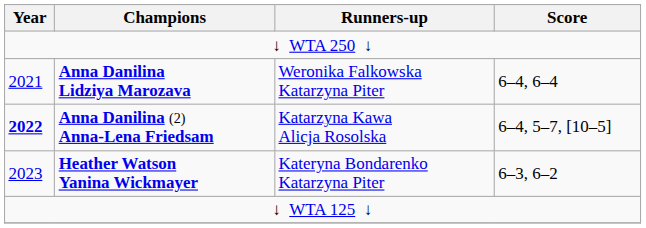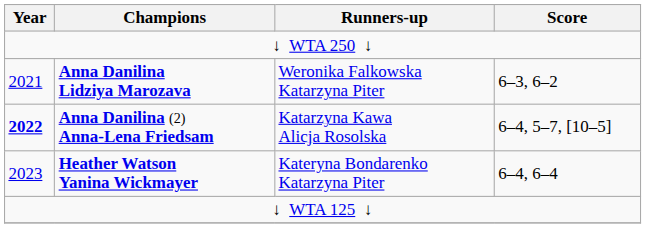 <table class="wikitable">
 <tr>
 <th style="width:40px">Year</th>
 <th style="width:200px">Champions</th>
 <th style="width:200px">Runners-up</th>
 <th style="width:130px" class="unsortable">Score</th>
 </tr>
 <tr>
 <td colspan=4 align=center>↓  <a href='#'>WTA 250</a>  ↓</td>
 </tr>
 <tr>
 <td><a href='#'>2021</a></td>
 <td> <strong><a href='#'>Anna Danilina</a></strong> <br>  <strong><a href='#'>Lidziya Marozava</a></strong></td>
 <td> <a href='#'>Weronika Falkowska</a> <br>  <a href='#'>Katarzyna Piter</a></td>
-<td>6–4, 6–4</td>
+<td>6–3, 6–2 </td>
 </tr>
 <tr>
 <td><strong><a href='#'>2022</a></strong></td>
 <td> <strong><a href='#'>Anna Danilina</a></strong> <small>(2)</small> <br>  <strong><a href='#'>Anna-Lena Friedsam</a></strong></td>
 <td> <a href='#'>Katarzyna Kawa</a> <br>  <a href='#'>Alicja Rosolska</a></td>
 <td>6–4, 5–7, [10–5]</td>
 </tr>
 <tr>
 <td><a href='#'>2023</a></td>
 <td> <strong><a href='#'>Heather Watson</a></strong> <br>  <strong><a href='#'>Yanina Wickmayer</a></strong></td>
 <td> <a href='#'>Kateryna Bondarenko</a> <br>  <a href='#'>Katarzyna Piter</a></td>
-<td>6–3, 6–2 </td>
+<td>6–4, 6–4</td>
 </tr>
 <tr>
 <td colspan=4 align=center>↓  <a href='#'>WTA 125</a>  ↓</td>
 </tr>
 <tr>
 </tr>
 </table>
